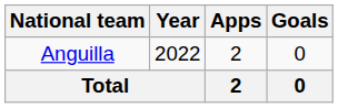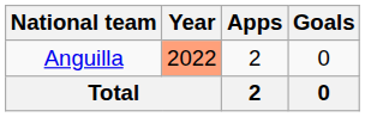 <table class="wikitable" style="text-align:center">
 <tr>
 <th>National team</th>
 <th>Year</th>
 <th>Apps</th>
 <th>Goals</th>
 </tr>
 <tr>
 <td rowspan=1><a href='#'>Anguilla</a></td>
-<td>2022</td>
+<td style="background: lightsalmon;">2022</td>
 <td>2</td>
 <td>0</td>
 </tr>
 <tr>
 <th colspan=2>Total</th>
 <th>2</th>
 <th>0</th>
 </tr>
 </table>
